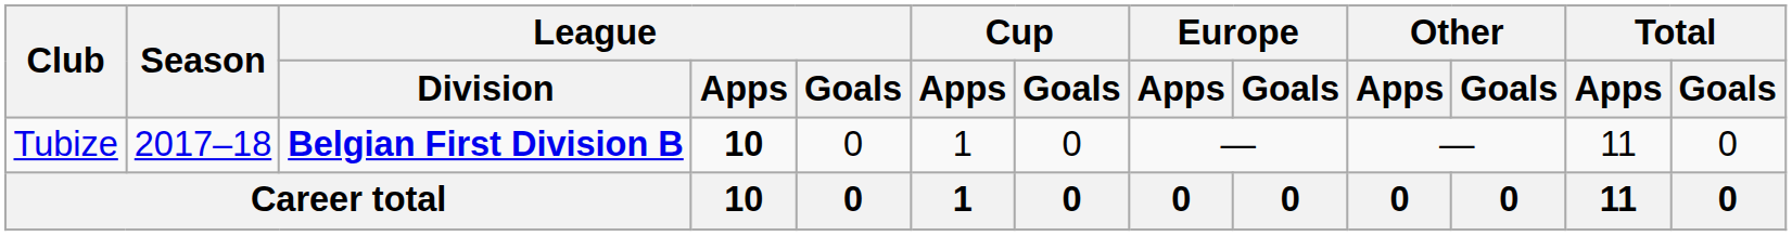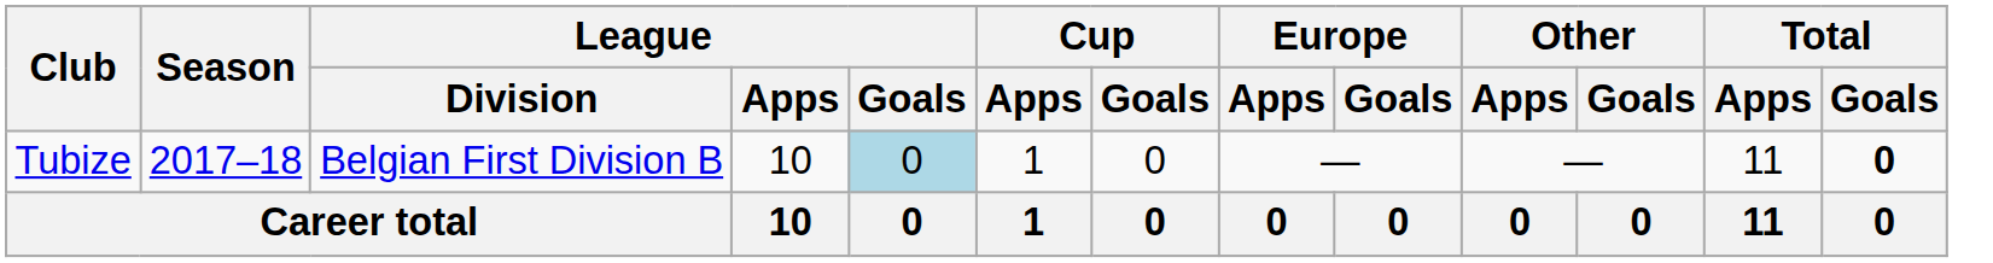 <table class="wikitable" style="text-align: center;">
 <tr>
 <th rowspan="2">Club</th>
 <th rowspan="2">Season</th>
 <th colspan="3">League</th>
 <th colspan="2">Cup</th>
 <th colspan="2">Europe</th>
 <th colspan="2">Other</th>
 <th colspan="2">Total</th>
 </tr>
 <tr>
 <th>Division</th>
 <th>Apps</th>
 <th>Goals</th>
 <th>Apps</th>
 <th>Goals</th>
 <th>Apps</th>
 <th>Goals</th>
 <th>Apps</th>
 <th>Goals</th>
 <th>Apps</th>
 <th>Goals</th>
 </tr>
 <tr>
 <td><a href='#'>Tubize</a></td>
 <td><a href='#'>2017–18</a></td>
-<td><strong><a href='#'>Belgian First Division B</a></strong></td>
-<td><strong>10</strong></td>
-<td>0</td>
+<td><a href='#'>Belgian First Division B</a></td>
+<td>10</td>
+<td style="background: lightblue;">0</td>
 <td>1</td>
 <td>0</td>
 <td colspan="2">—</td>
 <td colspan="2">—</td>
 <td>11</td>
-<td>0</td>
+<td><strong>0</strong></td>
 </tr>
 <tr>
 <th colspan="3">Career total</th>
 <th>10</th>
 <th>0</th>
 <th>1</th>
 <th>0</th>
 <th>0</th>
 <th>0</th>
 <th>0</th>
 <th>0</th>
 <th>11</th>
 <th>0</th>
 </tr>
 </table>
